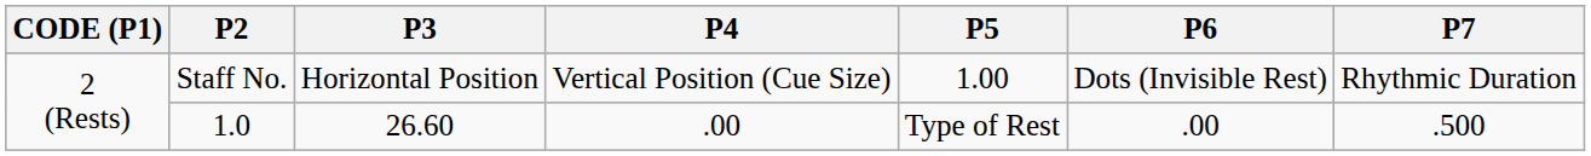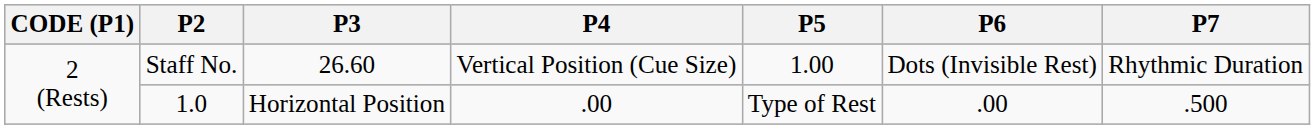 <table class="wikitable" style="text-align: center">
 <tr>
 <th>CODE (P1)</th>
 <th>P2</th>
 <th>P3</th>
 <th>P4</th>
 <th>P5</th>
 <th>P6</th>
 <th>P7</th>
 </tr>
 <tr>
 <td rowspan="2">2<br>(Rests)</td>
 <td>Staff No.</td>
-<td>Horizontal Position</td>
+<td>26.60</td>
 <td>Vertical Position (Cue Size)</td>
 <td>1.00</td>
 <td>Dots (Invisible Rest)</td>
 <td>Rhythmic Duration</td>
 </tr>
 <tr>
 <td>1.0</td>
-<td>26.60</td>
+<td>Horizontal Position</td>
 <td>.00</td>
 <td>Type of Rest</td>
 <td>.00</td>
 <td>.500</td>
 </tr>
 </table>
